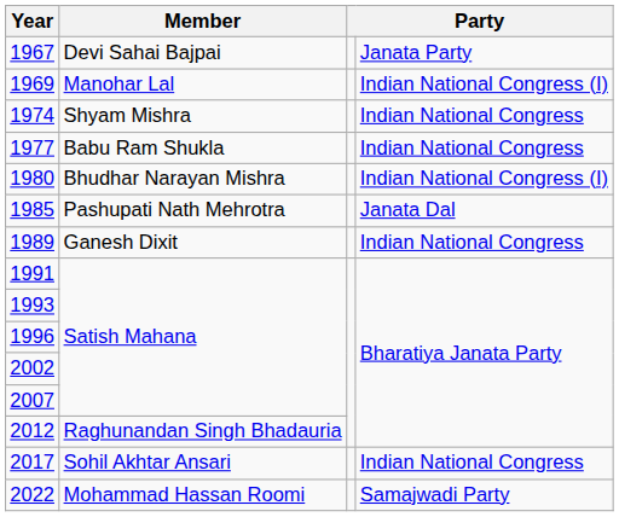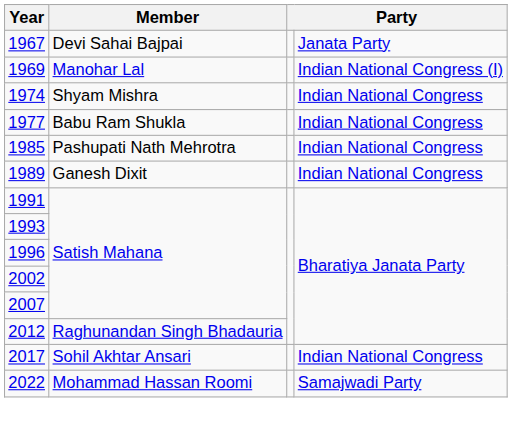 <table class="wikitable">
 <tr>
 <th>Year</th>
 <th>Member</th>
 <th colspan="2">Party</th>
 </tr>
 <tr>
 <td><a href='#'>1967</a></td>
 <td>Devi Sahai Bajpai</td>
 <td style="background-color: "></td>
 <td><a href='#'>Janata Party</a></td>
 </tr>
 <tr>
 <td><a href='#'>1969</a></td>
 <td><a href='#'>Manohar Lal</a></td>
 <td style="background-color: "></td>
 <td><a href='#'>Indian National Congress (I)</a></td>
 </tr>
 <tr>
 <td><a href='#'>1974</a></td>
 <td>Shyam Mishra</td>
 <td style="background-color: "></td>
 <td><a href='#'>Indian National Congress</a></td>
 </tr>
 <tr>
 <td><a href='#'>1977</a></td>
 <td>Babu Ram Shukla</td>
 <td style="background-color: "></td>
 <td><a href='#'>Indian National Congress</a></td>
 </tr>
 <tr>
-<td><a href='#'>1980</a></td>
-<td>Bhudhar Narayan Mishra</td>
-<td style="background-color: "></td>
-<td><a href='#'>Indian National Congress (I)</a></td>
-</tr>
-<tr>
 <td><a href='#'>1985</a></td>
 <td>Pashupati Nath Mehrotra</td>
 <td style="background-color: "></td>
-<td><a href='#'>Janata Dal</a></td>
+<td><a href='#'>Indian National Congress</a></td>
 </tr>
 <tr>
 <td><a href='#'>1989</a></td>
 <td>Ganesh Dixit</td>
 <td style="background-color: "></td>
 <td><a href='#'>Indian National Congress</a></td>
 </tr>
 <tr>
 <td><a href='#'>1991</a></td>
 <td rowspan="5"><a href='#'>Satish Mahana</a></td>
 <td rowspan="6" style="background-color: "></td>
 <td rowspan="6"><a href='#'>Bharatiya Janata Party</a></td>
 </tr>
 <tr>
 <td><a href='#'>1993</a></td>
 </tr>
 <tr>
 <td><a href='#'>1996</a></td>
 </tr>
 <tr>
 <td><a href='#'>2002</a></td>
 </tr>
 <tr>
 <td><a href='#'>2007</a></td>
 </tr>
 <tr>
 <td><a href='#'>2012</a></td>
 <td><a href='#'>Raghunandan Singh Bhadauria</a></td>
 </tr>
 <tr>
 <td><a href='#'>2017</a></td>
 <td><a href='#'>Sohil Akhtar Ansari</a></td>
 <td style="background-color: "></td>
 <td><a href='#'>Indian National Congress</a></td>
 </tr>
 <tr>
 <td><a href='#'>2022</a></td>
 <td><a href='#'>Mohammad Hassan Roomi</a></td>
 <td style="background-color: "></td>
 <td><a href='#'>Samajwadi Party</a></td>
 </tr>
 </table>
